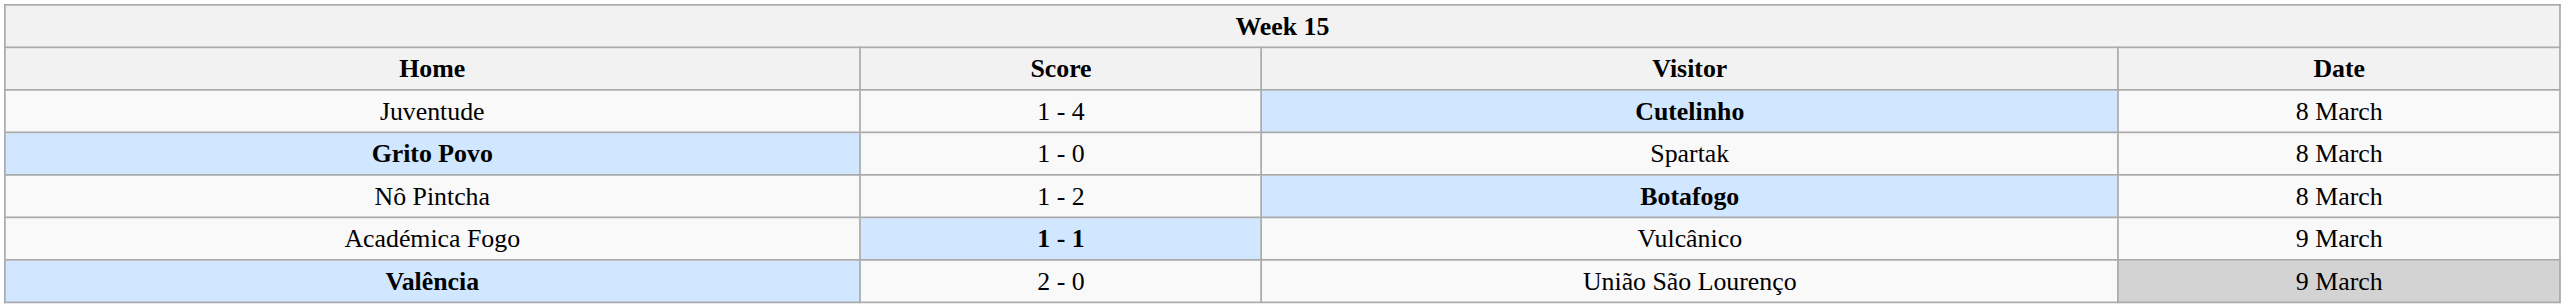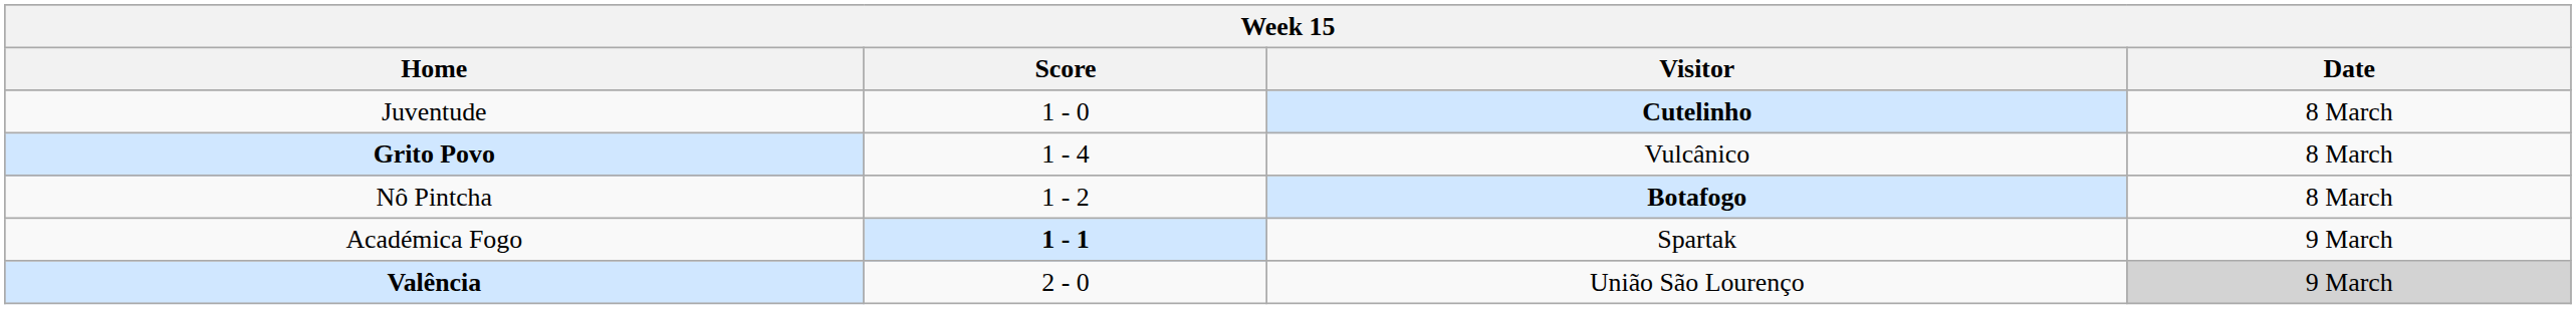 <table class="wikitable" style="margin:1em auto; font-size:95%; text-align: center; width: 95%;">
 <tr>
 <th colspan="12"  style="with:100%; text-align:center;">Week 15</th>
 </tr>
 <tr>
 <th style="width:200px;">Home</th>
 <th width="90">Score</th>
 <th style="width:200px;">Visitor</th>
 <th style="width:100px;">Date</th>
 </tr>
 <tr align=center>
 <td>Juventude</td>
-<td>1 - 4</td>
+<td>1 - 0</td>
 <td style="background:#d0e7ff;"><strong>Cutelinho</strong></td>
 <td>8 March</td>
 </tr>
 <tr align=center>
 <td style="background:#d0e7ff;"><strong>Grito Povo</strong></td>
-<td>1 - 0</td>
-<td>Spartak</td>
+<td>1 - 4</td>
+<td>Vulcânico</td>
 <td>8 March</td>
 </tr>
 <tr align=center>
 <td>Nô Pintcha</td>
 <td>1 - 2</td>
 <td style="background:#d0e7ff;"><strong>Botafogo</strong></td>
 <td>8 March</td>
 </tr>
 <tr align=center>
 <td>Académica Fogo</td>
 <td style="background:#d0e7ff;"><strong>1 - 1</strong></td>
-<td>Vulcânico</td>
+<td>Spartak</td>
 <td>9 March</td>
 </tr>
 <tr align=center>
 <td style="background:#d0e7ff;"><strong>Valência</strong></td>
 <td>2 - 0</td>
 <td>União São Lourenço</td>
 <td style="background: lightgrey;">9 March</td>
 </tr>
 </table>
